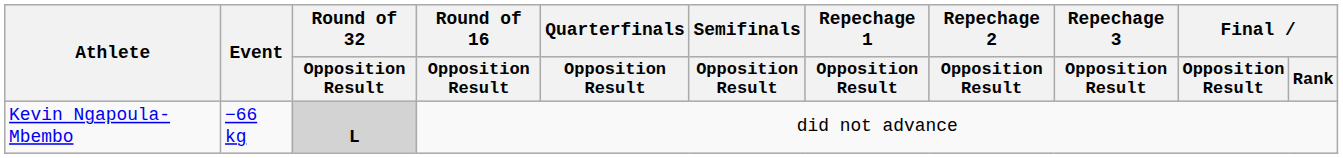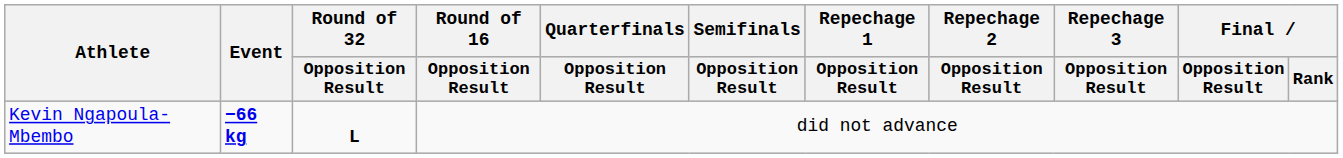 <table class="wikitable" style="font-size:90%">
 <tr>
 <th rowspan="2">Athlete</th>
 <th rowspan="2">Event</th>
 <th>Round of 32</th>
 <th>Round of 16</th>
 <th>Quarterfinals</th>
 <th>Semifinals</th>
 <th>Repechage 1</th>
 <th>Repechage 2</th>
 <th>Repechage 3</th>
 <th colspan=2>Final / </th>
 </tr>
 <tr style="font-size:95%">
 <th>Opposition<br>Result</th>
 <th>Opposition<br>Result</th>
 <th>Opposition<br>Result</th>
 <th>Opposition<br>Result</th>
 <th>Opposition<br>Result</th>
 <th>Opposition<br>Result</th>
 <th>Opposition<br>Result</th>
 <th>Opposition<br>Result</th>
 <th>Rank</th>
 </tr>
 <tr align=center>
 <td align=left><a href='#'>Kevin Ngapoula-Mbembo</a></td>
-<td align=left><a href='#'>−66 kg</a></td>
-<td style="background: lightgrey;"><br><strong>L</strong></td>
+<td align=left><strong><a href='#'>−66 kg</a></strong></td>
+<td><br><strong>L</strong></td>
 <td colspan=9>did not advance</td>
 </tr>
 </table>
